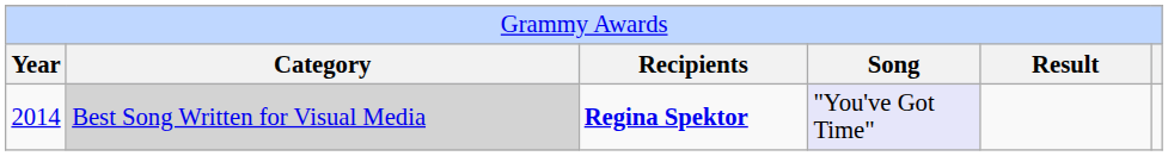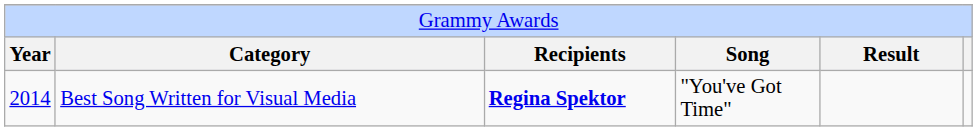 <table class="wikitable plainrowheaders" style="font-size: 100%; width:85%">
 <tr>
 </tr>
 <tr ---- bgcolor="#bfd7ff">
 <td colspan=6 align=center><a href='#'>Grammy Awards</a></td>
 </tr>
 <tr ---- bgcolor="#ebf5ff">
 <th scope="col" style="width:2%;">Year</th>
 <th scope="col" style="width:45%;">Category</th>
 <th scope="col" style="width:20%;">Recipients</th>
 <th scope="col" style="width:15%;">Song</th>
 <th scope="col" style="width:15%;">Result</th>
 <th scope="col" class="unsortable" style="width:1%;"></th>
 </tr>
 <tr>
 <td style="text-align:center;"><a href='#'>2014</a></td>
-<td style="background: lightgrey;"><a href='#'>Best Song Written for Visual Media</a></td>
+<td><a href='#'>Best Song Written for Visual Media</a></td>
 <td><strong><a href='#'>Regina Spektor</a></strong></td>
-<td style="background: lavender;">"You've Got Time"</td>
+<td>"You've Got Time"</td>
 <td></td>
 <td style="text-align:center;"></td>
 </tr>
 </table>
